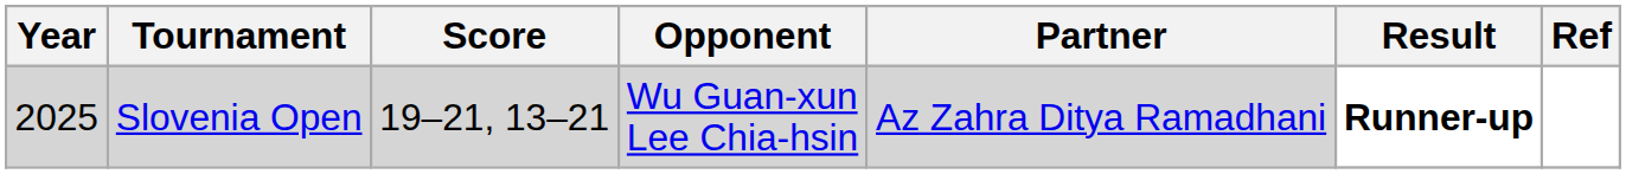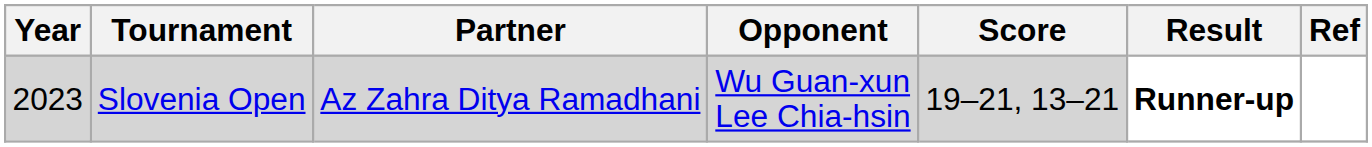 <table class="sortable wikitable" style="font-size: 90%">
 <tr>
 <th>Year</th>
 <th>Tournament</th>
+<th>Partner</th>
+<th>Opponent</th>
 <th>Score</th>
-<th>Opponent</th>
-<th>Partner</th>
 <th>Result</th>
 <th>Ref</th>
 </tr>
 <tr style="background:#D5D5D5">
-<td align="center">2025</td>
+<td align="center">2023</td>
 <td align="left"><a href='#'>Slovenia Open</a></td>
+<td align="left"> <a href='#'>Az Zahra Ditya Ramadhani</a></td>
+<td align="left"> <a href='#'>Wu Guan-xun</a><br> <a href='#'>Lee Chia-hsin</a></td>
 <td align="left">19–21, 13–21</td>
-<td align="left"> <a href='#'>Wu Guan-xun</a><br> <a href='#'>Lee Chia-hsin</a></td>
-<td align="left"> <a href='#'>Az Zahra Ditya Ramadhani</a></td>
 <td style="text-align:left; background:white"> <strong>Runner-up</strong></td>
 <td style="text-align:center; background:white"></td>
 </tr>
 </table>
